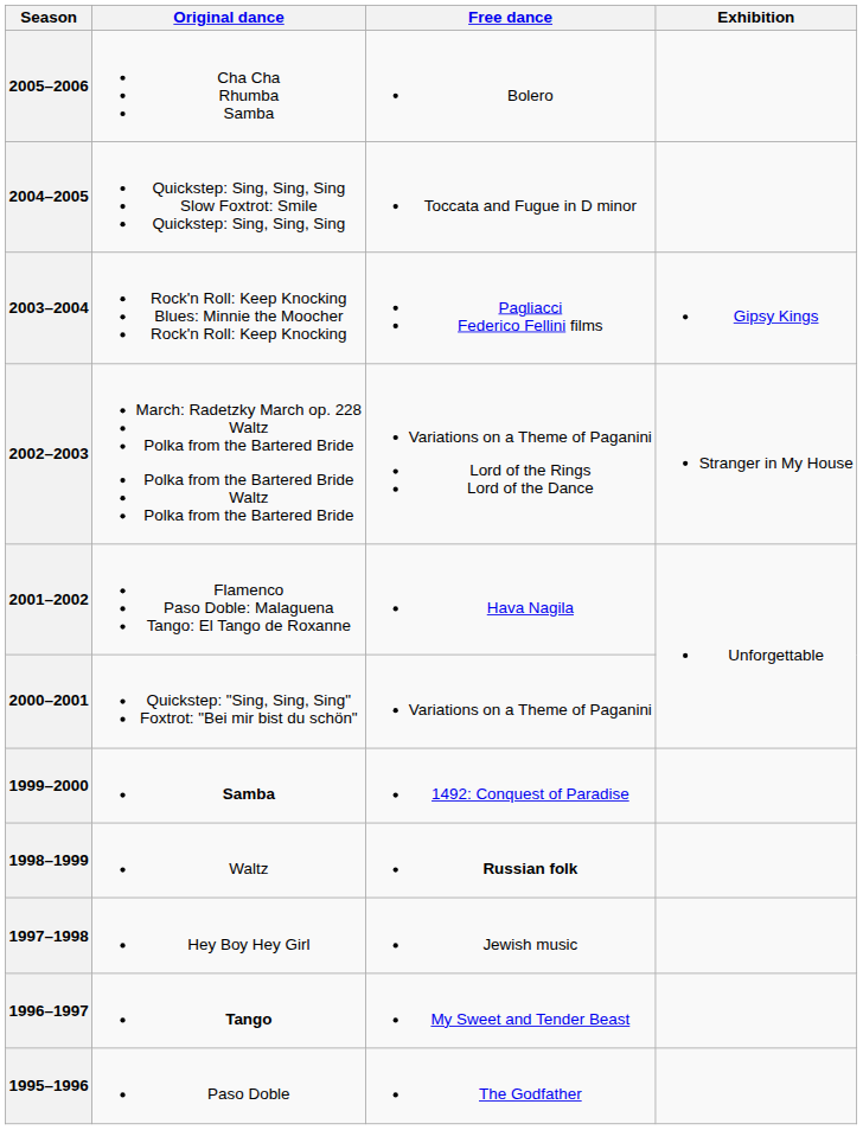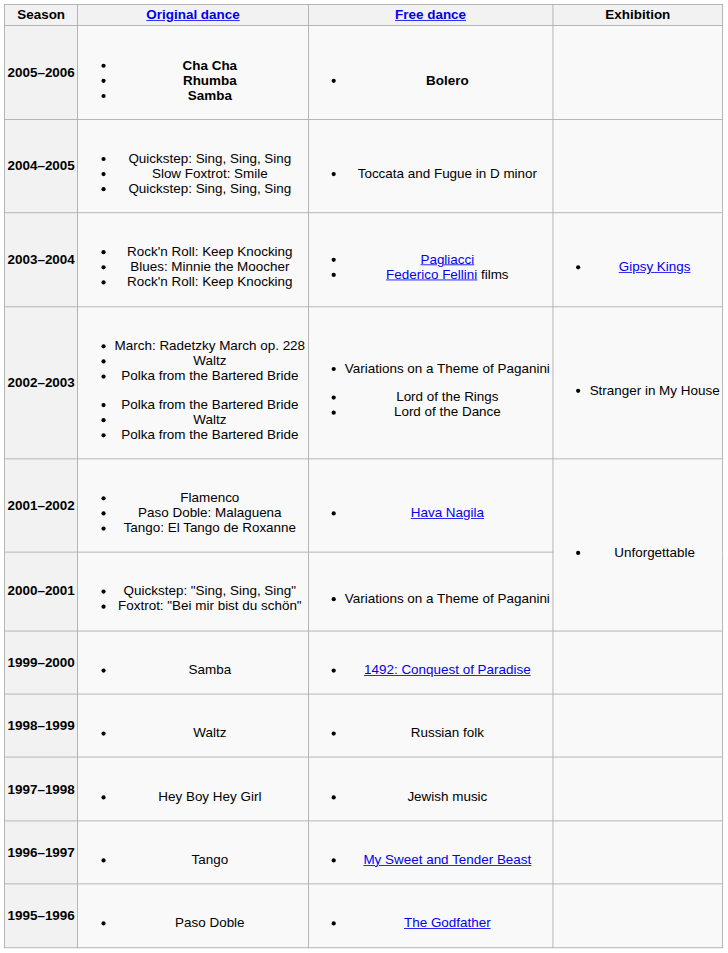 <table class=wikitable style=text-align:center>
 <tr>
 <th>Season</th>
 <th><a href='#'>Original dance</a></th>
 <th><a href='#'>Free dance</a></th>
 <th>Exhibition</th>
 </tr>
 <tr>
 <th>2005–2006 <br> </th>
-<td><br><ul><li>Cha Cha <br></li><li>Rhumba <br></li><li>Samba <br></li></ul></td>
-<td><br><ul><li>Bolero <br></li></ul></td>
+<td><strong><br><ul><li>Cha Cha <br></li><li>Rhumba <br></li><li>Samba <br></li></ul></strong></td>
+<td><strong><br><ul><li>Bolero <br></li></ul></strong></td>
 <td></td>
 </tr>
 <tr>
 <th>2004–2005 <br> </th>
 <td><br><ul><li>Quickstep: Sing, Sing, Sing <br></li><li>Slow Foxtrot: Smile <br></li><li>Quickstep: Sing, Sing, Sing <br></li></ul></td>
 <td><br><ul><li>Toccata and Fugue in D minor <br></li></ul></td>
 <td></td>
 </tr>
 <tr>
 <th>2003–2004 <br> </th>
 <td><br><ul><li>Rock'n Roll: Keep Knocking <br></li><li>Blues: Minnie the Moocher <br></li><li>Rock'n Roll: Keep Knocking <br></li></ul></td>
 <td><br><ul><li><a href='#'>Pagliacci</a> <br></li><li><a href='#'>Federico Fellini</a> films</li></ul></td>
 <td><br><ul><li><a href='#'>Gipsy Kings</a></li></ul></td>
 </tr>
 <tr>
 <th>2002–2003 <br> </th>
 <td><br><ul><li>March: Radetzky March op. 228 <br></li><li>Waltz <br></li><li>Polka from the Bartered Bride <br></li></ul><ul><li>Polka from the Bartered Bride <br></li><li>Waltz <br></li><li>Polka from the Bartered Bride <br></li></ul></td>
 <td><br><ul><li>Variations on a Theme of Paganini <br></li></ul><ul><li>Lord of the Rings <br></li><li>Lord of the Dance <br></li></ul></td>
 <td><br><ul><li>Stranger in My House <br></li></ul></td>
 </tr>
 <tr>
 <th>2001–2002 <br> </th>
 <td><br><ul><li>Flamenco</li><li>Paso Doble: Malaguena <br></li><li>Tango: El Tango de Roxanne <br></li></ul></td>
 <td><br><ul><li><a href='#'>Hava Nagila</a></li></ul></td>
 <td rowspan=2><br><ul><li>Unforgettable <br></li></ul></td>
 </tr>
 <tr>
 <th>2000–2001 <br> </th>
 <td><br><ul><li>Quickstep: "Sing, Sing, Sing" <br></li><li>Foxtrot: "Bei mir bist du schön" <br></li></ul></td>
 <td><br><ul><li>Variations on a Theme of Paganini <br></li></ul></td>
 </tr>
 <tr>
 <th>1999–2000 <br> </th>
-<td><strong><br><ul><li>Samba <br></li></ul></strong></td>
+<td><br><ul><li>Samba <br></li></ul></td>
 <td><br><ul><li><a href='#'>1492: Conquest of Paradise</a> <br></li></ul></td>
 <td></td>
 </tr>
 <tr>
 <th>1998–1999 <br> </th>
 <td><br><ul><li>Waltz</li></ul></td>
-<td><strong><br><ul><li>Russian folk</li></ul></strong></td>
+<td><br><ul><li>Russian folk</li></ul></td>
 <td></td>
 </tr>
 <tr>
 <th>1997–1998 <br> </th>
 <td><br><ul><li>Hey Boy Hey Girl <br></li></ul></td>
 <td><br><ul><li>Jewish music</li></ul></td>
 <td></td>
 </tr>
 <tr>
 <th>1996–1997 <br> </th>
-<td><strong><br><ul><li>Tango</li></ul></strong></td>
+<td><br><ul><li>Tango</li></ul></td>
 <td><br><ul><li><a href='#'>My Sweet and Tender Beast</a> <br></li></ul></td>
 <td></td>
 </tr>
 <tr>
 <th>1995–1996 <br> </th>
 <td><br><ul><li>Paso Doble</li></ul></td>
 <td><br><ul><li><a href='#'>The Godfather</a> <br></li></ul></td>
 <td></td>
 </tr>
 </table>
